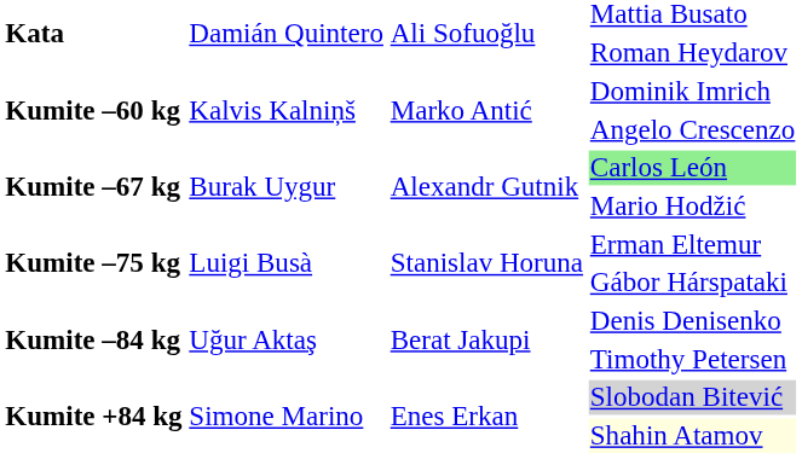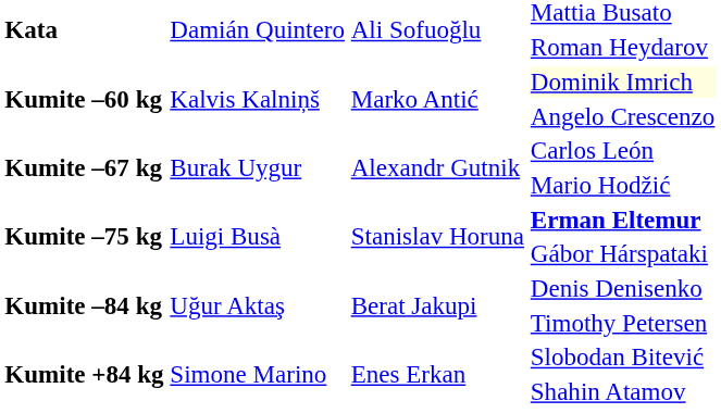 <table>
 <tr>
 <td rowspan=2><strong>Kata</strong></td>
 <td rowspan=2> <a href='#'>Damián Quintero</a></td>
 <td rowspan=2> <a href='#'>Ali Sofuoğlu</a></td>
 <td> <a href='#'>Mattia Busato</a></td>
 </tr>
 <tr>
 <td> <a href='#'>Roman Heydarov</a></td>
 </tr>
 <tr>
 <td rowspan=2><strong>Kumite –60 kg</strong></td>
 <td rowspan=2> <a href='#'>Kalvis Kalniņš</a></td>
 <td rowspan=2> <a href='#'>Marko Antić</a></td>
-<td> <a href='#'>Dominik Imrich</a></td>
+<td style="background: lightyellow;"> <a href='#'>Dominik Imrich</a></td>
 </tr>
 <tr>
 <td> <a href='#'>Angelo Crescenzo</a></td>
 </tr>
 <tr>
 <td rowspan=2><strong>Kumite –67 kg</strong></td>
 <td rowspan=2> <a href='#'>Burak Uygur</a></td>
 <td rowspan=2> <a href='#'>Alexandr Gutnik</a></td>
-<td style="background: lightgreen;"> <a href='#'>Carlos León</a></td>
+<td> <a href='#'>Carlos León</a></td>
 </tr>
 <tr>
 <td> <a href='#'>Mario Hodžić</a></td>
 </tr>
 <tr>
 <td rowspan=2><strong>Kumite –75 kg</strong></td>
 <td rowspan=2> <a href='#'>Luigi Busà</a></td>
 <td rowspan=2> <a href='#'>Stanislav Horuna</a></td>
-<td> <a href='#'>Erman Eltemur</a></td>
+<td><strong> <a href='#'>Erman Eltemur</a></strong></td>
 </tr>
 <tr>
 <td> <a href='#'>Gábor Hárspataki</a></td>
 </tr>
 <tr>
 <td rowspan=2><strong>Kumite –84 kg</strong></td>
 <td rowspan=2> <a href='#'>Uğur Aktaş</a></td>
 <td rowspan=2> <a href='#'>Berat Jakupi</a></td>
 <td> <a href='#'>Denis Denisenko</a></td>
 </tr>
 <tr>
 <td> <a href='#'>Timothy Petersen</a></td>
 </tr>
 <tr>
 <td rowspan=2><strong>Kumite +84 kg</strong></td>
 <td rowspan=2> <a href='#'>Simone Marino</a></td>
 <td rowspan=2> <a href='#'>Enes Erkan</a></td>
-<td style="background: lightgrey;"> <a href='#'>Slobodan Bitević</a></td>
+<td> <a href='#'>Slobodan Bitević</a></td>
 </tr>
 <tr>
-<td style="background: lightyellow;"> <a href='#'>Shahin Atamov</a></td>
+<td> <a href='#'>Shahin Atamov</a></td>
 </tr>
 </table>
